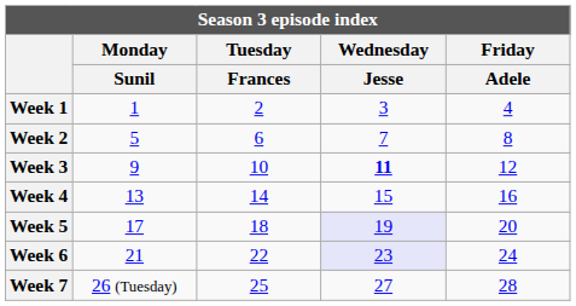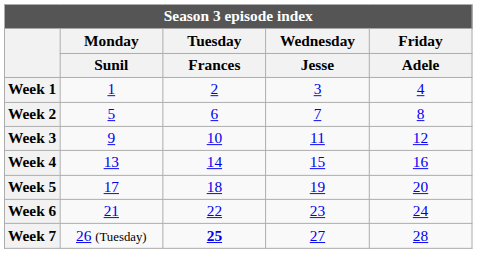 <table class="wikitable collapsible" style="text-align: center;">
 <tr>
 <th style="background-color: #555555; color: #ffffff;" colspan="6">Season 3 episode index</th>
 </tr>
 <tr>
 <th rowspan="2"></th>
 <th width="100px">Monday</th>
 <th width="100px">Tuesday</th>
 <th width="100px">Wednesday</th>
 <th width="100px">Friday</th>
 </tr>
 <tr>
 <th>Sunil</th>
 <th>Frances</th>
 <th>Jesse</th>
 <th>Adele</th>
 </tr>
 <tr>
 <th>Week 1</th>
 <td><a href='#'>1</a></td>
 <td><a href='#'>2</a></td>
 <td><a href='#'>3</a></td>
 <td><a href='#'>4</a></td>
 </tr>
 <tr>
 <th>Week 2</th>
 <td><a href='#'>5</a></td>
 <td><a href='#'>6</a></td>
 <td><a href='#'>7</a></td>
 <td><a href='#'>8</a></td>
 </tr>
 <tr>
 <th>Week 3</th>
 <td><a href='#'>9</a></td>
 <td><a href='#'>10</a></td>
-<td><strong><a href='#'>11</a></strong></td>
+<td><a href='#'>11</a></td>
 <td><a href='#'>12</a></td>
 </tr>
 <tr>
 <th>Week 4</th>
 <td><a href='#'>13</a></td>
 <td><a href='#'>14</a></td>
 <td><a href='#'>15</a></td>
 <td><a href='#'>16</a></td>
 </tr>
 <tr>
 <th>Week 5</th>
 <td><a href='#'>17</a></td>
 <td><a href='#'>18</a></td>
-<td style="background: lavender;"><a href='#'>19</a></td>
+<td><a href='#'>19</a></td>
 <td><a href='#'>20</a></td>
 </tr>
 <tr>
 <th>Week 6</th>
 <td><a href='#'>21</a></td>
 <td><a href='#'>22</a></td>
-<td style="background: lavender;"><a href='#'>23</a></td>
+<td><a href='#'>23</a></td>
 <td><a href='#'>24</a></td>
 </tr>
 <tr>
 <th>Week 7</th>
 <td><a href='#'>26</a> <small>(Tuesday)</small></td>
-<td><a href='#'>25</a></td>
+<td><strong><a href='#'>25</a></strong></td>
 <td><a href='#'>27</a></td>
 <td><a href='#'>28</a></td>
 </tr>
 </table>
